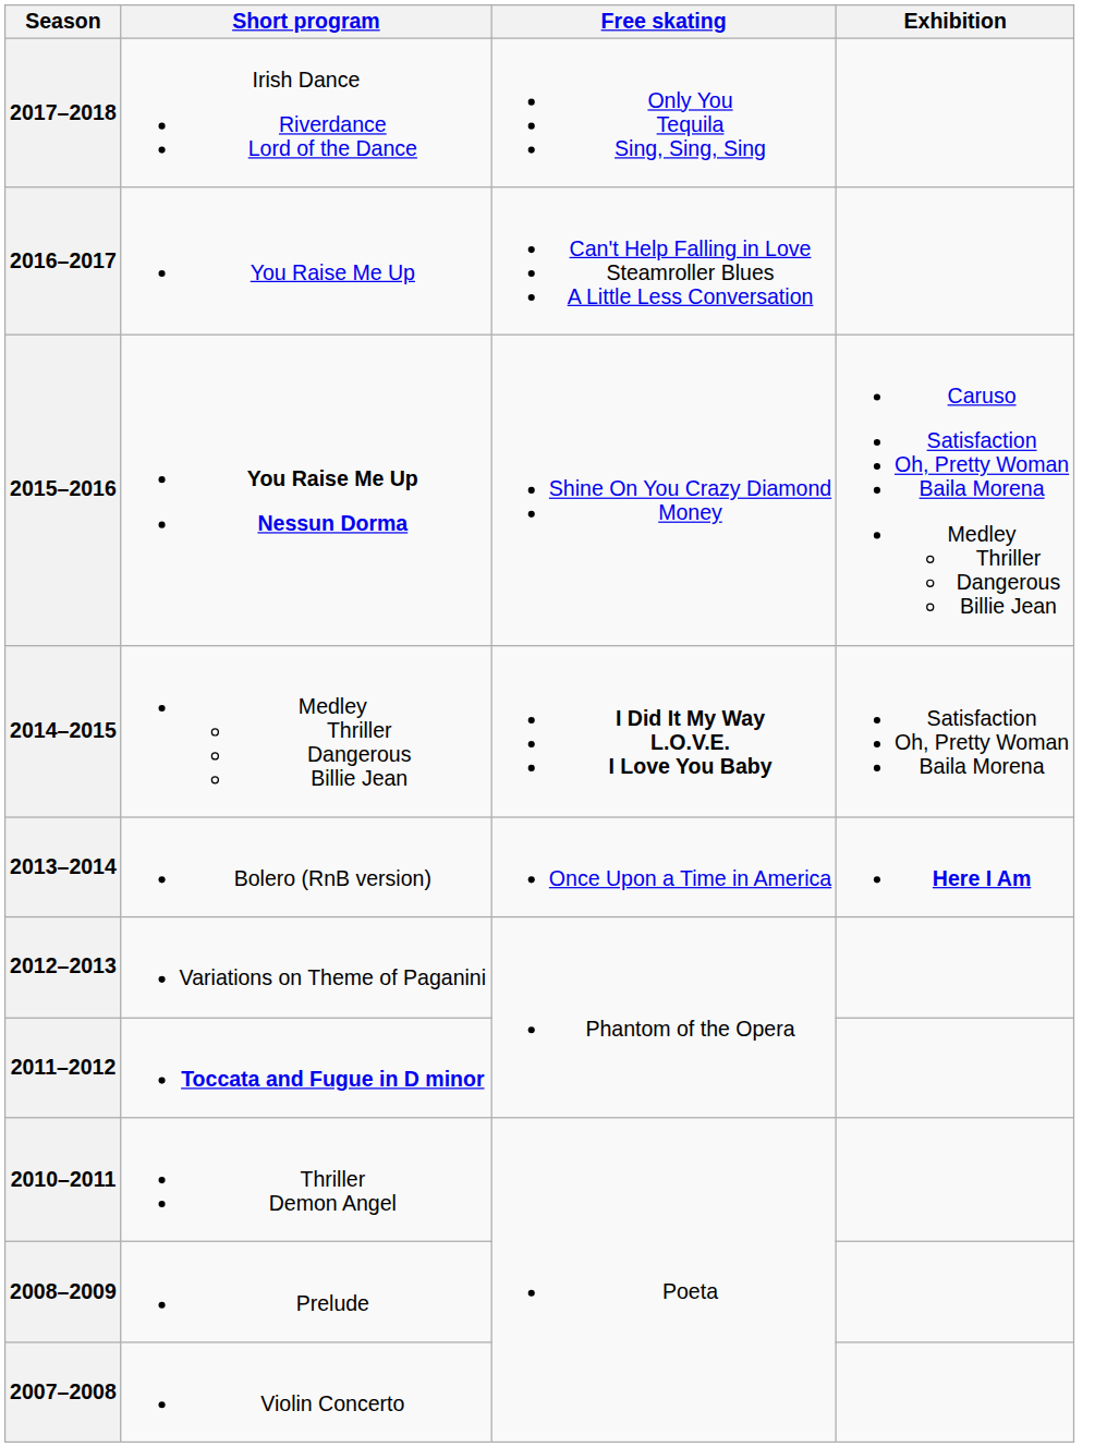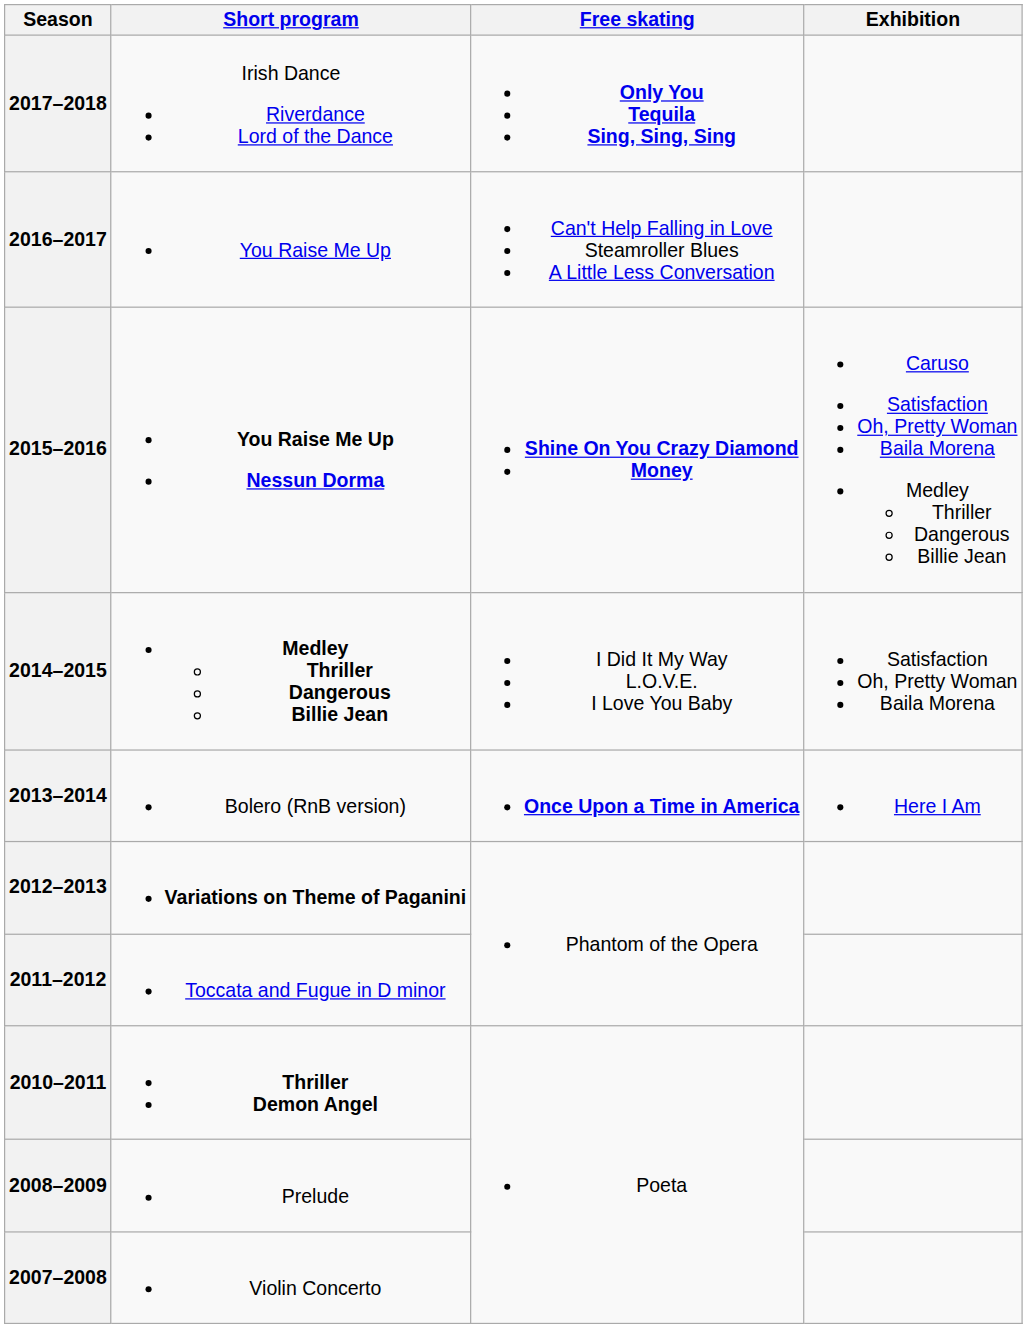 <table class=wikitable style=text-align:center>
 <tr>
 <th>Season</th>
 <th><a href='#'>Short program</a></th>
 <th><a href='#'>Free skating</a></th>
 <th>Exhibition</th>
 </tr>
 <tr>
 <th>2017–2018 <br></th>
 <td><br>Irish Dance<ul><li><a href='#'>Riverdance</a> <br></li><li><a href='#'>Lord of the Dance</a> <br></li></ul></td>
-<td><br><ul><li><a href='#'>Only You</a> <br></li><li><a href='#'>Tequila</a> <br></li><li><a href='#'>Sing, Sing, Sing</a> <br></li></ul></td>
+<td><strong><br><ul><li><a href='#'>Only You</a> <br></li><li><a href='#'>Tequila</a> <br></li><li><a href='#'>Sing, Sing, Sing</a> <br></li></ul></strong></td>
 <td></td>
 </tr>
 <tr>
 <th>2016–2017 <br></th>
 <td><br><ul><li><a href='#'>You Raise Me Up</a> <br></li></ul></td>
 <td><br><ul><li><a href='#'>Can't Help Falling in Love</a> <br></li><li>Steamroller Blues <br></li><li><a href='#'>A Little Less Conversation</a> <br></li></ul></td>
 <td></td>
 </tr>
 <tr>
 <th>2015–2016 <br></th>
 <td><strong><br><ul><li>You Raise Me Up <br></li></ul><ul><li><a href='#'>Nessun Dorma</a> <br></li></ul></strong></td>
-<td><br><ul><li><a href='#'>Shine On You Crazy Diamond</a></li><li><a href='#'>Money</a> <br></li></ul></td>
+<td><strong><br><ul><li><a href='#'>Shine On You Crazy Diamond</a></li><li><a href='#'>Money</a> <br></li></ul></strong></td>
 <td><br><ul><li><a href='#'>Caruso</a> <br></li></ul><ul><li><a href='#'>Satisfaction</a> <br></li><li><a href='#'>Oh, Pretty Woman</a> <br></li><li><a href='#'>Baila Morena</a> <br></li></ul><ul><li>Medley <br><ul><li>Thriller</li><li>Dangerous</li><li>Billie Jean</li></ul></li></ul></td>
 </tr>
 <tr>
 <th>2014–2015 <br> </th>
-<td><br><ul><li>Medley <br><ul><li>Thriller</li><li>Dangerous</li><li>Billie Jean <br></li></ul></li></ul></td>
-<td><strong><br><ul><li>I Did It My Way</li><li>L.O.V.E.</li><li>I Love You Baby <br></li></ul></strong></td>
+<td><strong><br><ul><li>Medley <br><ul><li>Thriller</li><li>Dangerous</li><li>Billie Jean <br></li></ul></li></ul></strong></td>
+<td><br><ul><li>I Did It My Way</li><li>L.O.V.E.</li><li>I Love You Baby <br></li></ul></td>
 <td><br><ul><li>Satisfaction <br></li><li>Oh, Pretty Woman <br></li><li>Baila Morena <br></li></ul></td>
 </tr>
 <tr>
 <th>2013–2014 <br> </th>
 <td><br><ul><li>Bolero (RnB version) <br></li></ul></td>
-<td><br><ul><li><a href='#'>Once Upon a Time in America</a> <br></li></ul></td>
-<td><strong><br><ul><li><a href='#'>Here I Am</a> <br></li></ul></strong></td>
+<td><strong><br><ul><li><a href='#'>Once Upon a Time in America</a> <br></li></ul></strong></td>
+<td><br><ul><li><a href='#'>Here I Am</a> <br></li></ul></td>
 </tr>
 <tr>
 <th>2012–2013 <br> </th>
-<td><br><ul><li>Variations on Theme of Paganini <br></li></ul></td>
+<td><strong><br><ul><li>Variations on Theme of Paganini <br></li></ul></strong></td>
 <td rowspan=2><br><ul><li>Phantom of the Opera <br></li></ul></td>
 <td></td>
 </tr>
 <tr>
 <th>2011–2012 <br> </th>
-<td><strong><br><ul><li><a href='#'>Toccata and Fugue in D minor</a> <br></li></ul></strong></td>
+<td><br><ul><li><a href='#'>Toccata and Fugue in D minor</a> <br></li></ul></td>
 <td></td>
 </tr>
 <tr>
 <th>2010–2011 <br> </th>
-<td><br><ul><li>Thriller</li><li>Demon Angel <br></li></ul></td>
+<td><strong><br><ul><li>Thriller</li><li>Demon Angel <br></li></ul></strong></td>
 <td rowspan=3><br><ul><li>Poeta <br></li></ul></td>
 <td></td>
 </tr>
 <tr>
 <th>2008–2009 <br> </th>
 <td><br><ul><li>Prelude <br></li></ul></td>
 <td></td>
 </tr>
 <tr>
 <th>2007–2008 <br> </th>
 <td><br><ul><li>Violin Concerto <br></li></ul></td>
 <td></td>
 </tr>
 </table>
